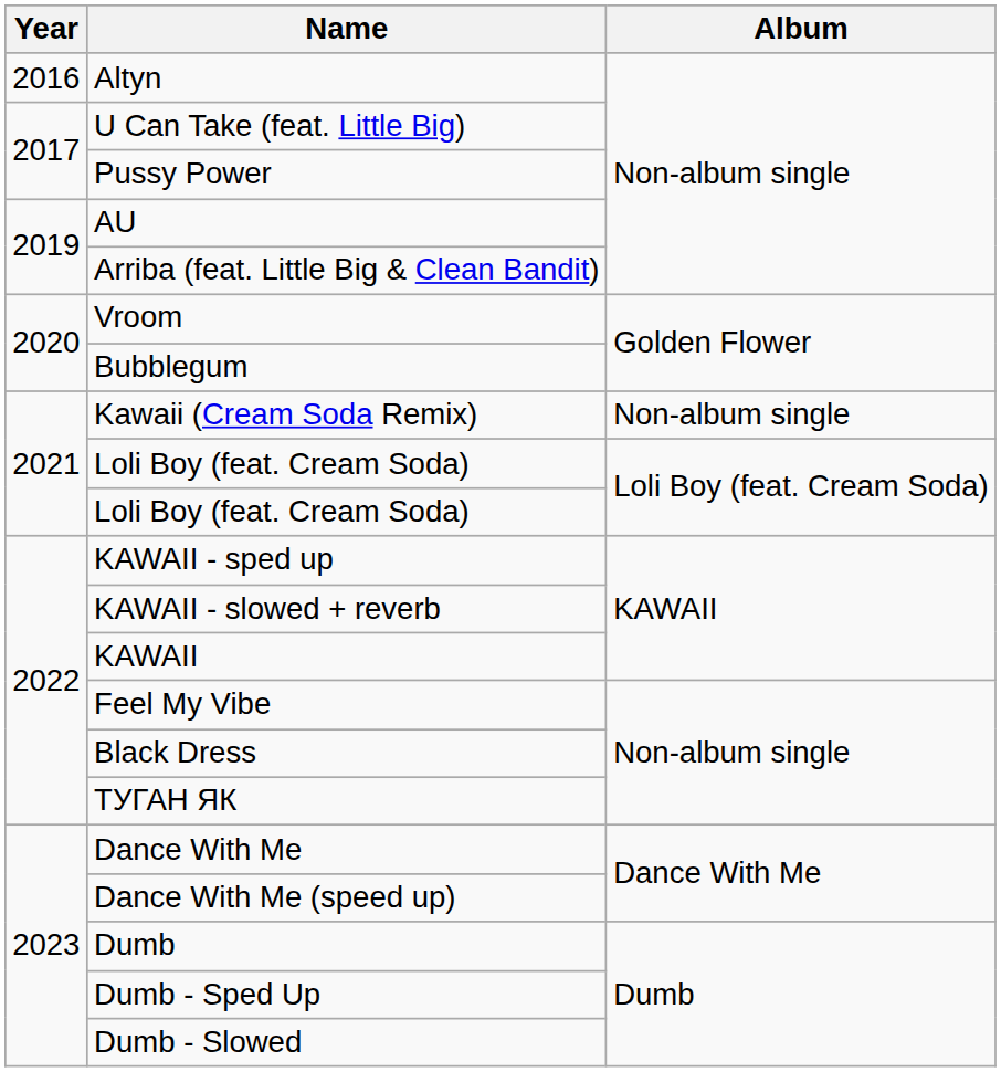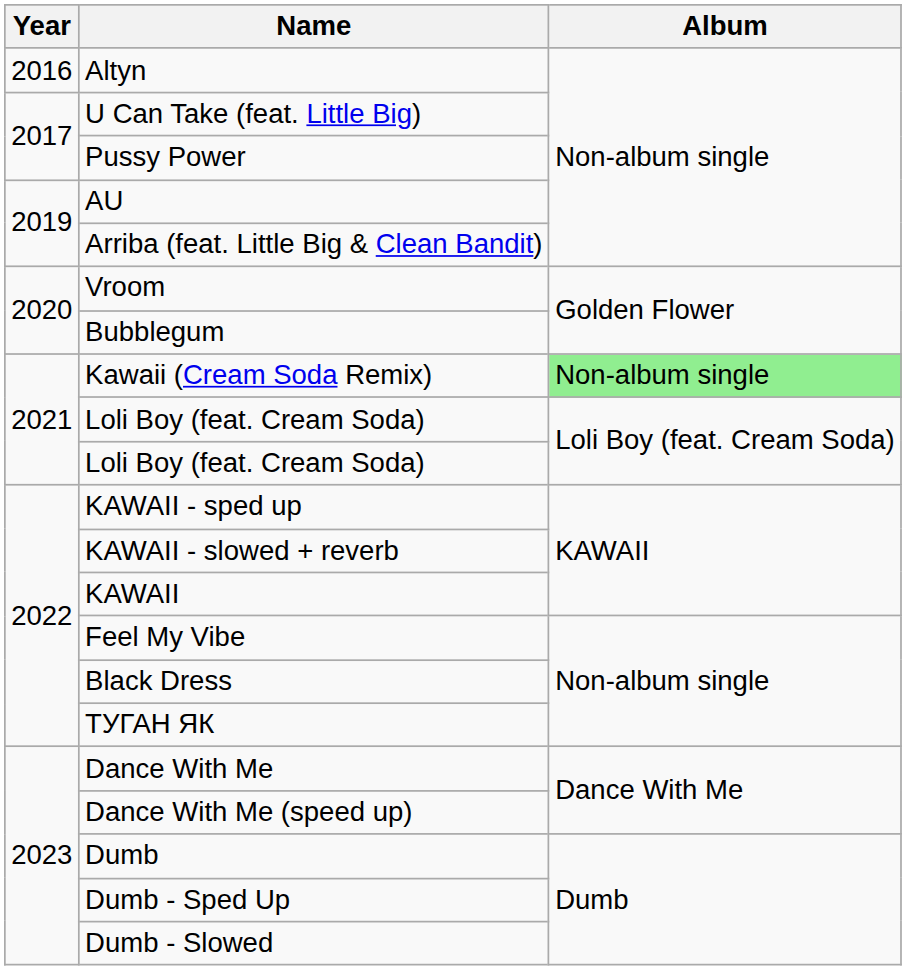 <table class="wikitable">
 <tr>
 <th>Year</th>
 <th>Name</th>
 <th>Album</th>
 </tr>
 <tr>
 <td>2016</td>
 <td>Altyn</td>
 <td rowspan="5">Non-album single</td>
 </tr>
 <tr>
 <td rowspan="2">2017</td>
 <td>U Can Take (feat. <a href='#'>Little Big</a>)</td>
 </tr>
 <tr>
 <td>Pussy Power</td>
 </tr>
 <tr>
 <td rowspan="2">2019</td>
 <td>AU</td>
 </tr>
 <tr>
 <td>Arriba (feat. Little Big & <a href='#'>Clean Bandit</a>)</td>
 </tr>
 <tr>
 <td rowspan="2">2020</td>
 <td>Vroom</td>
 <td rowspan="2">Golden Flower</td>
 </tr>
 <tr>
 <td>Bubblegum</td>
 </tr>
 <tr>
 <td rowspan="3">2021</td>
 <td>Kawaii (<a href='#'>Cream Soda</a> Remix)</td>
-<td>Non-album single</td>
+<td style="background: lightgreen;">Non-album single</td>
 </tr>
 <tr>
 <td>Loli Boy (feat. Cream Soda)</td>
 <td rowspan="2">Loli Boy (feat. Cream Soda)</td>
 </tr>
 <tr>
 <td>Loli Boy (feat. Cream Soda)<br></td>
 </tr>
 <tr>
 <td rowspan="6">2022</td>
 <td>KAWAII - sped up</td>
 <td rowspan="3">KAWAII</td>
 </tr>
 <tr>
 <td>KAWAII - slowed + reverb</td>
 </tr>
 <tr>
 <td>KAWAII</td>
 </tr>
 <tr>
 <td>Feel My Vibe</td>
 <td rowspan="3">Non-album single</td>
 </tr>
 <tr>
 <td>Black Dress</td>
 </tr>
 <tr>
 <td>ТУГАН ЯК</td>
 </tr>
 <tr>
 <td rowspan="5">2023</td>
 <td>Dance With Me</td>
 <td rowspan="2">Dance With Me</td>
 </tr>
 <tr>
 <td>Dance With Me (speed up)</td>
 </tr>
 <tr>
 <td>Dumb</td>
 <td rowspan="3">Dumb</td>
 </tr>
 <tr>
 <td>Dumb - Sped Up</td>
 </tr>
 <tr>
 <td>Dumb - Slowed</td>
 </tr>
 </table>
